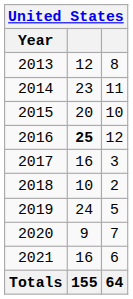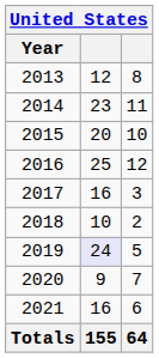 <table class="wikitable" style="text-align:center">
 <tr>
 <th colspan="3"><a href='#'>United States</a></th>
 </tr>
 <tr>
 <th>Year</th>
 <th></th>
 <th></th>
 </tr>
 <tr>
 <td>2013</td>
 <td>12</td>
 <td>8</td>
 </tr>
 <tr>
 <td>2014</td>
 <td>23</td>
 <td>11</td>
 </tr>
 <tr>
 <td>2015</td>
 <td>20</td>
 <td>10</td>
 </tr>
 <tr>
 <td>2016</td>
-<td><strong>25</strong></td>
+<td>25</td>
 <td>12</td>
 </tr>
 <tr>
 <td>2017</td>
 <td>16</td>
 <td>3</td>
 </tr>
 <tr>
 <td>2018</td>
 <td>10</td>
 <td>2</td>
 </tr>
 <tr>
 <td>2019</td>
-<td>24</td>
+<td style="background: lavender;">24</td>
 <td>5</td>
 </tr>
 <tr>
 <td>2020</td>
 <td>9</td>
 <td>7</td>
 </tr>
 <tr>
 <td>2021</td>
 <td>16</td>
 <td>6</td>
 </tr>
 <tr>
 <th><strong>Totals</strong></th>
 <th>155</th>
 <th>64</th>
 </tr>
 </table>
